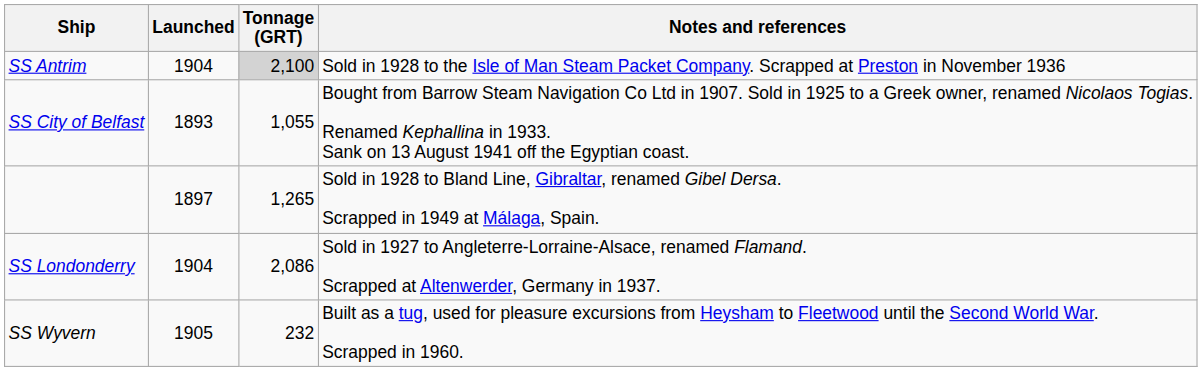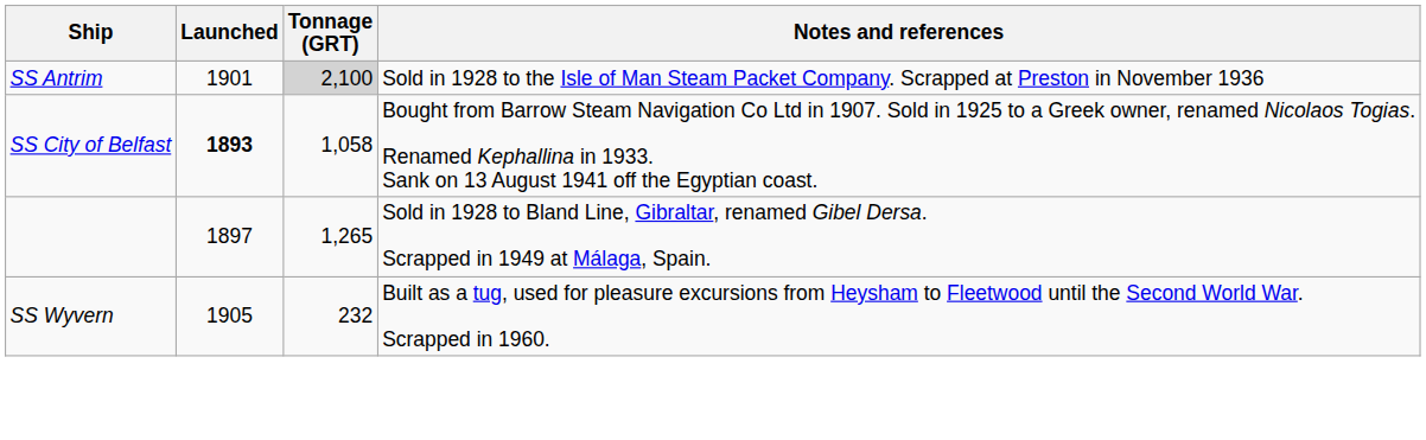 <table class="wikitable sortable">
 <tr>
 <th scope="col">Ship</th>
 <th scope="col">Launched</th>
 <th scope="col">Tonnage<br>(GRT)</th>
 <th scope="col">Notes and references</th>
 </tr>
 <tr>
 <td><a href='#'><em>SS Antrim</em></a></td>
-<td align="center">1904</td>
+<td align="center">1901</td>
 <td align="right" style="background: lightgrey;">2,100</td>
 <td>Sold in 1928 to the <a href='#'>Isle of Man Steam Packet Company</a>. Scrapped at <a href='#'>Preston</a> in November 1936</td>
 </tr>
 <tr>
 <td><em><a href='#'>SS City of Belfast</a></em></td>
-<td align="center">1893</td>
-<td align="right">1,055</td>
+<td align="center"><strong>1893</strong></td>
+<td align="right">1,058</td>
 <td>Bought from Barrow Steam Navigation Co Ltd in 1907. Sold in 1925 to a Greek owner, renamed <em>Nicolaos Togias</em>.<br><br>Renamed <em>Kephallina</em> in 1933.<br> Sank on 13 August 1941 off the Egyptian coast.</td>
 </tr>
 <tr>
 <td></td>
 <td align="center">1897</td>
 <td align="right">1,265</td>
 <td>Sold in 1928 to Bland Line, <a href='#'>Gibraltar</a>, renamed <em>Gibel Dersa</em>.<br><br>Scrapped in 1949 at <a href='#'>Málaga</a>, Spain.</td>
 </tr>
 <tr>
-<td><a href='#'><em>SS Londonderry</em></a></td>
-<td align="center">1904</td>
-<td align="right">2,086</td>
-<td>Sold in 1927 to Angleterre-Lorraine-Alsace, renamed <em>Flamand</em>.<br><br>Scrapped at <a href='#'>Altenwerder</a>, Germany in 1937.</td>
-</tr>
-<tr>
 <td><em>SS Wyvern</em></td>
 <td align="center">1905</td>
 <td align="right">232</td>
 <td>Built as a <a href='#'>tug</a>, used for pleasure excursions from <a href='#'>Heysham</a> to <a href='#'>Fleetwood</a> until the <a href='#'>Second World War</a>.<br><br>Scrapped in 1960.</td>
 </tr>
 </table>
